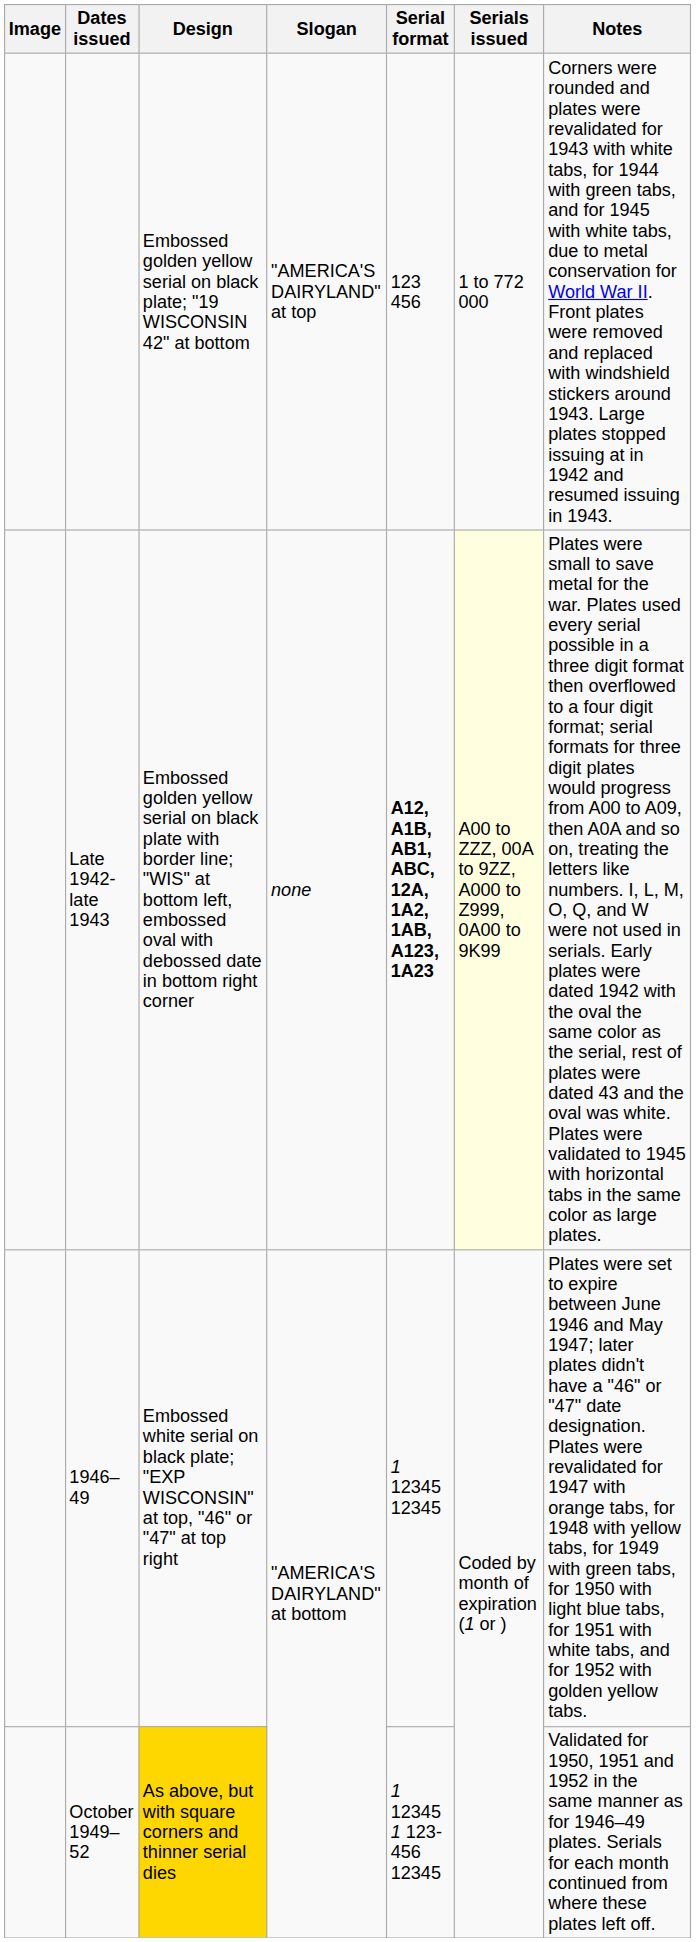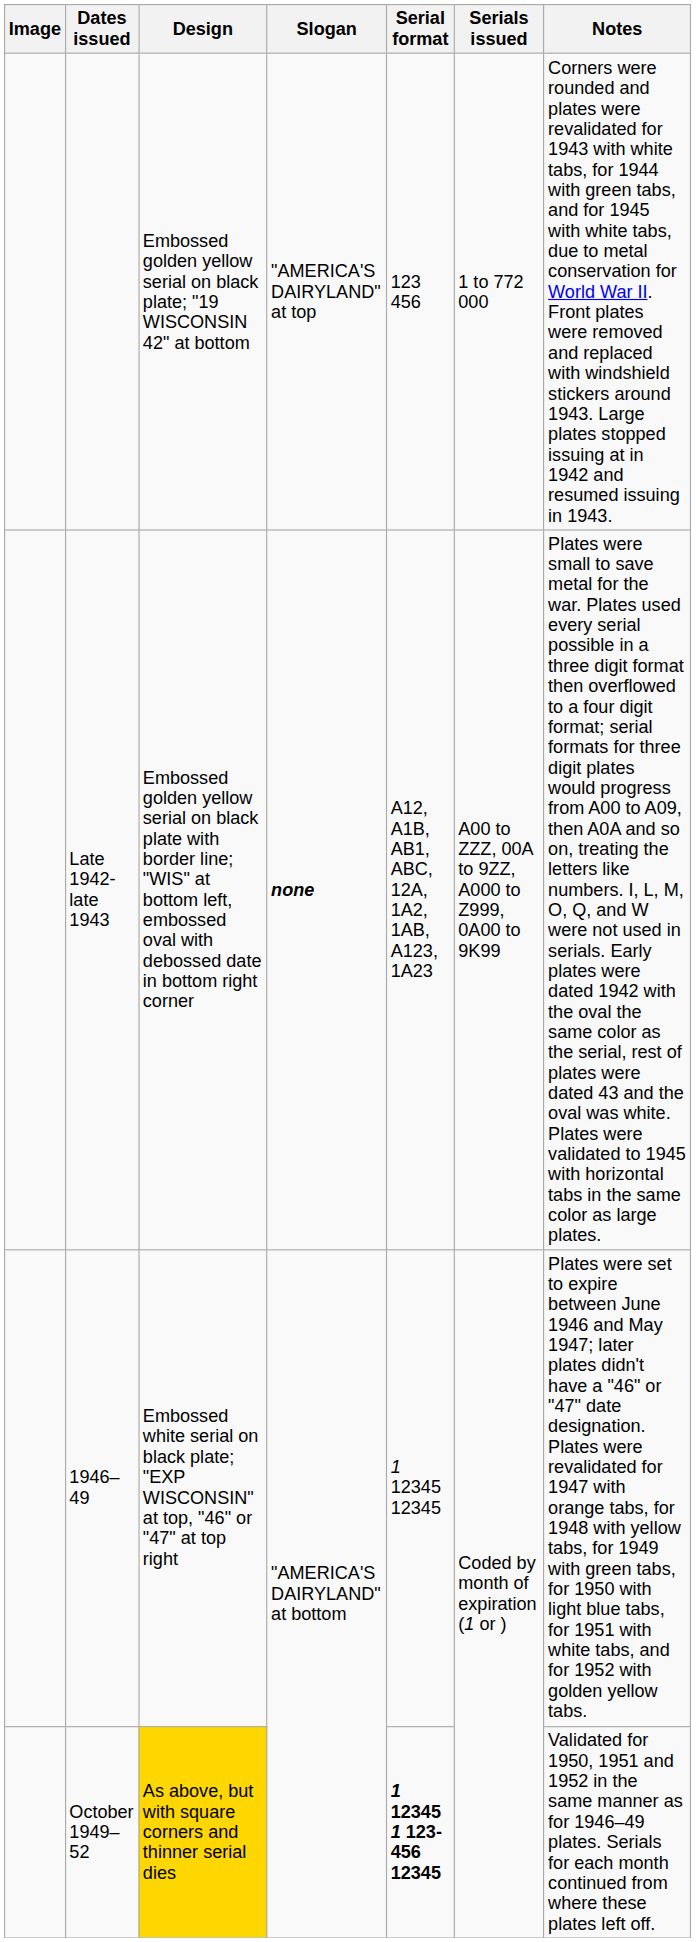 <table class="wikitable">
 <tr>
 <th>Image</th>
 <th>Dates issued</th>
 <th>Design</th>
 <th>Slogan</th>
 <th>Serial format</th>
 <th>Serials issued</th>
 <th>Notes</th>
 </tr>
 <tr>
 <td><br><br><br></td>
 <td></td>
 <td>Embossed golden yellow serial on black plate; "19 WISCONSIN 42" at bottom</td>
 <td>"AMERICA'S DAIRYLAND" at top</td>
 <td>123 456</td>
 <td>1 to 772 000</td>
 <td>Corners were rounded and plates were revalidated for 1943 with white tabs, for 1944 with green tabs, and for 1945 with white tabs, due to metal conservation for <a href='#'>World War II</a>. Front plates were removed and replaced with windshield stickers around 1943. Large plates stopped issuing at  in 1942 and resumed issuing in 1943.</td>
 </tr>
 <tr>
 <td>   </td>
 <td>Late 1942-late 1943</td>
 <td>Embossed golden yellow serial on black plate with border line; "WIS" at bottom left, embossed oval with debossed date in bottom right corner</td>
-<td><em>none</em></td>
-<td><strong>A12, A1B, AB1, ABC, 12A, 1A2, 1AB, A123, 1A23</strong></td>
-<td style="background: lightyellow;">A00 to ZZZ, 00A to 9ZZ, A000 to Z999, 0A00 to 9K99</td>
+<td><strong><em>none</em></strong></td>
+<td>A12, A1B, AB1, ABC, 12A, 1A2, 1AB, A123, 1A23</td>
+<td>A00 to ZZZ, 00A to 9ZZ, A000 to Z999, 0A00 to 9K99</td>
 <td>Plates were small to save metal for the war. Plates used every serial possible in a three digit format then overflowed to a four digit format; serial formats for three digit plates would progress from A00 to A09, then A0A and so on, treating the letters like numbers. I, L, M, O, Q, and W were not used in serials. Early plates were dated 1942 with the oval the same color as the serial, rest of plates were dated 43 and the oval was white. Plates were validated to 1945 with horizontal tabs in the same color as large plates.</td>
 </tr>
 <tr>
 <td><br><br><br><br></td>
 <td>1946–49</td>
 <td>Embossed white serial on black plate; "EXP WISCONSIN" at top, "46" or "47" at top right</td>
 <td rowspan="2">"AMERICA'S DAIRYLAND" at bottom</td>
 <td><em>1</em> 12345<br> 12345</td>
 <td rowspan="2">Coded by month of expiration (<em>1</em> or )</td>
 <td>Plates were set to expire between June 1946 and May 1947; later plates didn't have a "46" or "47" date designation. Plates were revalidated for 1947 with orange tabs, for 1948 with yellow tabs, for 1949 with green tabs, for 1950 with light blue tabs, for 1951 with white tabs, and for 1952 with golden yellow tabs.</td>
 </tr>
 <tr>
 <td><br><br></td>
 <td>October 1949–52</td>
 <td style="background: gold;">As above, but with square corners and thinner serial dies</td>
-<td><em>1</em> 12345<br><em>1</em> 123-456<br> 12345<br></td>
+<td><strong><em>1</em> 12345<br><em>1</em> 123-456<br> 12345<br></strong></td>
 <td>Validated for 1950, 1951 and 1952 in the same manner as for 1946–49 plates. Serials for each month continued from where these plates left off.</td>
 </tr>
 </table>
